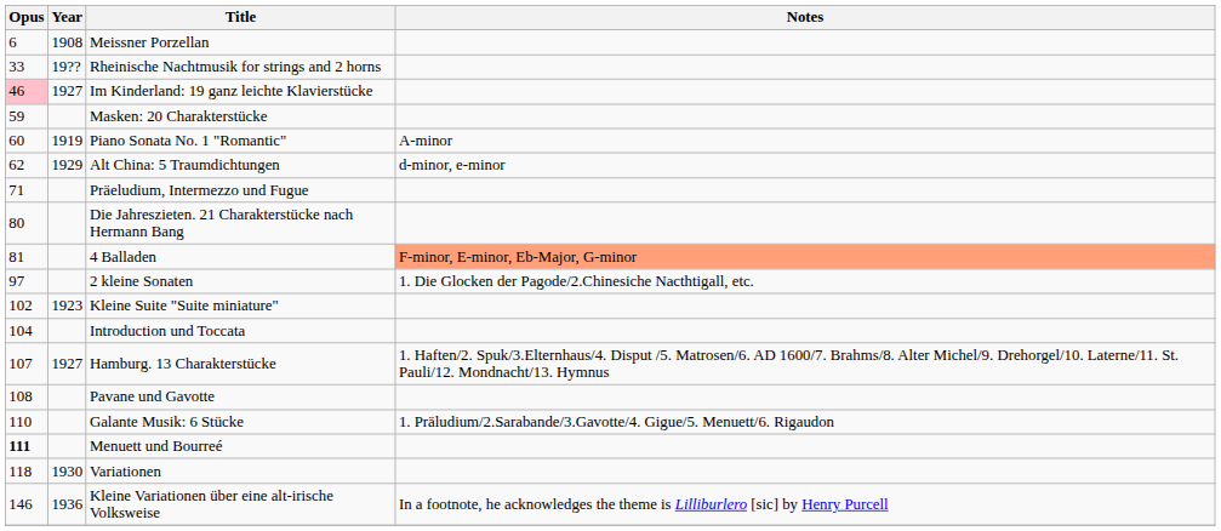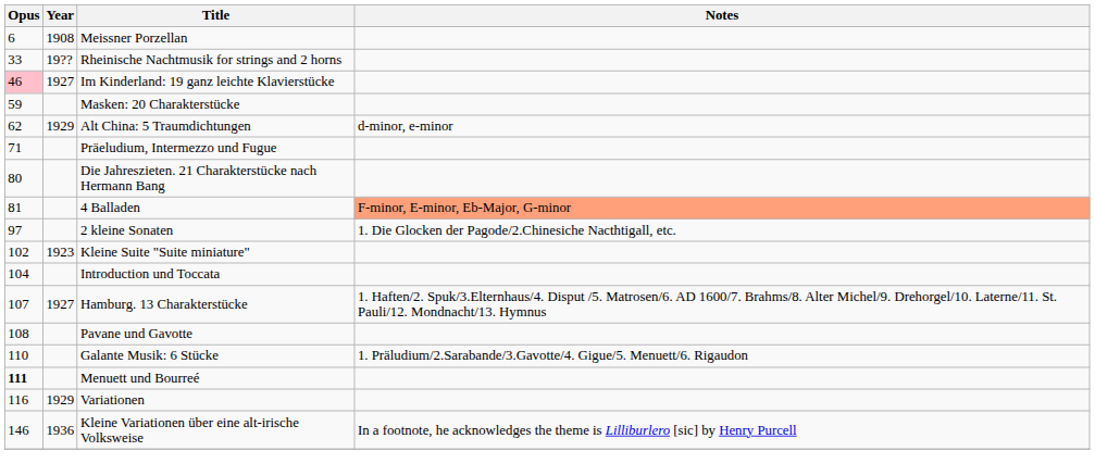 <table class="wikitable">
 <tr>
 <th>Opus</th>
 <th>Year</th>
 <th>Title</th>
 <th>Notes</th>
 </tr>
 <tr>
 <td>6</td>
 <td>1908</td>
 <td>Meissner Porzellan</td>
 <td></td>
 </tr>
 <tr>
 <td>33</td>
 <td>19??</td>
 <td>Rheinische Nachtmusik for strings and 2 horns</td>
 <td></td>
 </tr>
 <tr>
 <td style="background: pink;">46</td>
 <td>1927</td>
 <td>Im Kinderland: 19 ganz leichte Klavierstücke</td>
 <td></td>
 </tr>
 <tr>
 <td>59</td>
 <td></td>
 <td>Masken: 20 Charakterstücke</td>
 <td></td>
-</tr>
-<tr>
-<td>60</td>
-<td>1919</td>
-<td>Piano Sonata No. 1 "Romantic"</td>
-<td>A-minor</td>
 </tr>
 <tr>
 <td>62</td>
 <td>1929</td>
 <td>Alt China: 5 Traumdichtungen</td>
 <td>d-minor, e-minor</td>
 </tr>
 <tr>
 <td>71</td>
 <td></td>
 <td>Präeludium, Intermezzo und Fugue</td>
 <td></td>
 </tr>
 <tr>
 <td>80</td>
 <td></td>
 <td>Die Jahreszieten. 21 Charakterstücke nach Hermann Bang</td>
 <td></td>
 </tr>
 <tr>
 <td>81</td>
 <td></td>
 <td>4 Balladen</td>
 <td style="background: lightsalmon;">F-minor, E-minor, Eb-Major, G-minor</td>
 </tr>
 <tr>
 <td>97</td>
 <td></td>
 <td>2 kleine Sonaten</td>
 <td>1. Die Glocken der Pagode/2.Chinesiche Nacthtigall, etc.</td>
 </tr>
 <tr>
 <td>102</td>
 <td>1923</td>
 <td>Kleine Suite "Suite miniature"</td>
 <td></td>
 </tr>
 <tr>
 <td>104</td>
 <td></td>
 <td>Introduction und Toccata</td>
 <td></td>
 </tr>
 <tr>
 <td>107</td>
 <td>1927</td>
 <td>Hamburg. 13 Charakterstücke</td>
 <td>1. Haften/2. Spuk/3.Elternhaus/4. Disput /5. Matrosen/6. AD 1600/7. Brahms/8. Alter Michel/9. Drehorgel/10. Laterne/11. St. Pauli/12. Mondnacht/13. Hymnus</td>
 </tr>
 <tr>
 <td>108</td>
 <td></td>
 <td>Pavane und Gavotte</td>
 <td></td>
 </tr>
 <tr>
 <td>110</td>
 <td></td>
 <td>Galante Musik: 6 Stücke</td>
 <td>1. Präludium/2.Sarabande/3.Gavotte/4. Gigue/5. Menuett/6. Rigaudon</td>
 </tr>
 <tr>
 <td><strong>111</strong></td>
 <td></td>
 <td>Menuett und Bourreé</td>
 <td></td>
 </tr>
 <tr>
-<td>118</td>
-<td>1930</td>
+<td>116</td>
+<td>1929</td>
 <td>Variationen</td>
 <td></td>
 </tr>
 <tr>
 <td>146</td>
 <td>1936</td>
 <td>Kleine Variationen über eine alt-irische Volksweise</td>
 <td>In a footnote, he acknowledges the theme is <em><a href='#'>Lilliburlero</a></em> [sic] by <a href='#'>Henry Purcell</a></td>
 </tr>
 <tr>
 </tr>
 </table>
